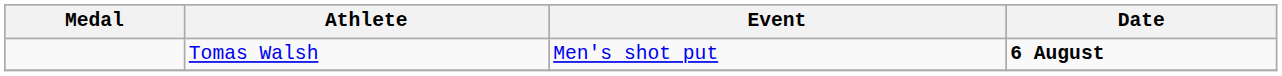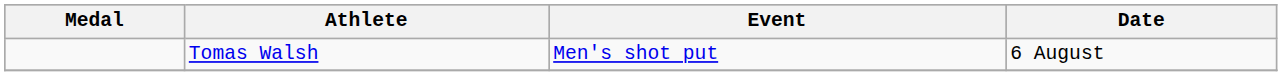 <table class=wikitable style=font-size:90% width=60%>
 <tr>
 <th>Medal</th>
 <th>Athlete</th>
 <th>Event</th>
 <th>Date</th>
 </tr>
 <tr>
 <td></td>
 <td><a href='#'>Tomas Walsh</a></td>
 <td><a href='#'>Men's shot put</a></td>
-<td><strong>6 August</strong></td>
+<td>6 August</td>
 </tr>
 <tr>
 </tr>
 </table>
